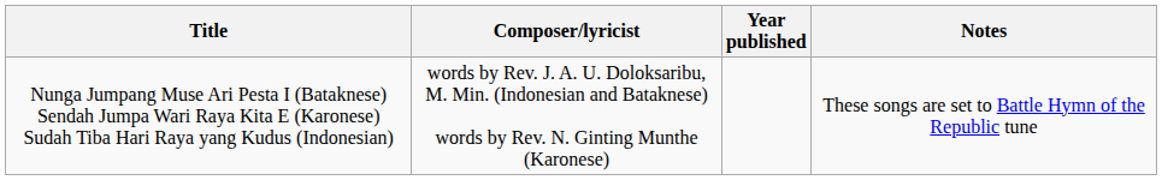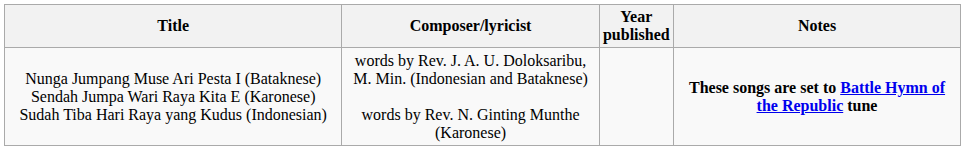 <table class="wikitable" style="text-align:center;">
 <tr>
 <th width="330">Title</th>
 <th width="250">Composer/lyricist</th>
 <th width="20">Year published</th>
 <th width="280">Notes</th>
 </tr>
 <tr>
 <td>Nunga Jumpang Muse Ari Pesta I (Bataknese)<br>Sendah Jumpa Wari Raya Kita E (Karonese)<br>Sudah Tiba Hari Raya yang Kudus (Indonesian)</td>
 <td>words by Rev. J. A. U. Doloksaribu, M. Min. (Indonesian and Bataknese)<br><br>words by Rev. N. Ginting Munthe (Karonese)</td>
 <td></td>
-<td>These songs are set to <a href='#'>Battle Hymn of the Republic</a> tune</td>
+<td><strong>These songs are set to <a href='#'>Battle Hymn of the Republic</a> tune</strong></td>
 </tr>
 <tr>
 </tr>
 </table>
